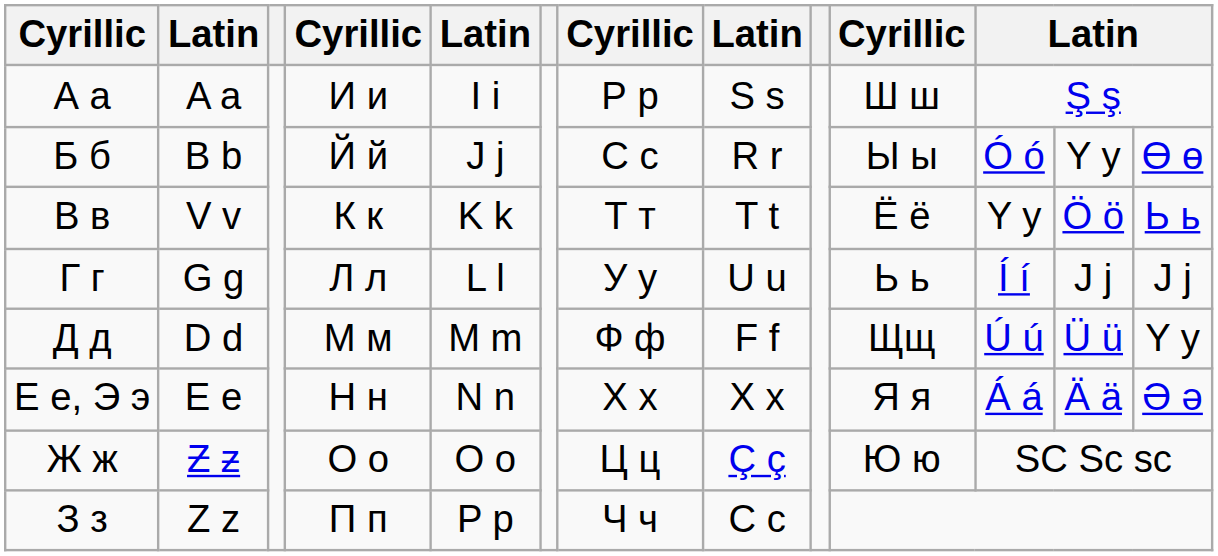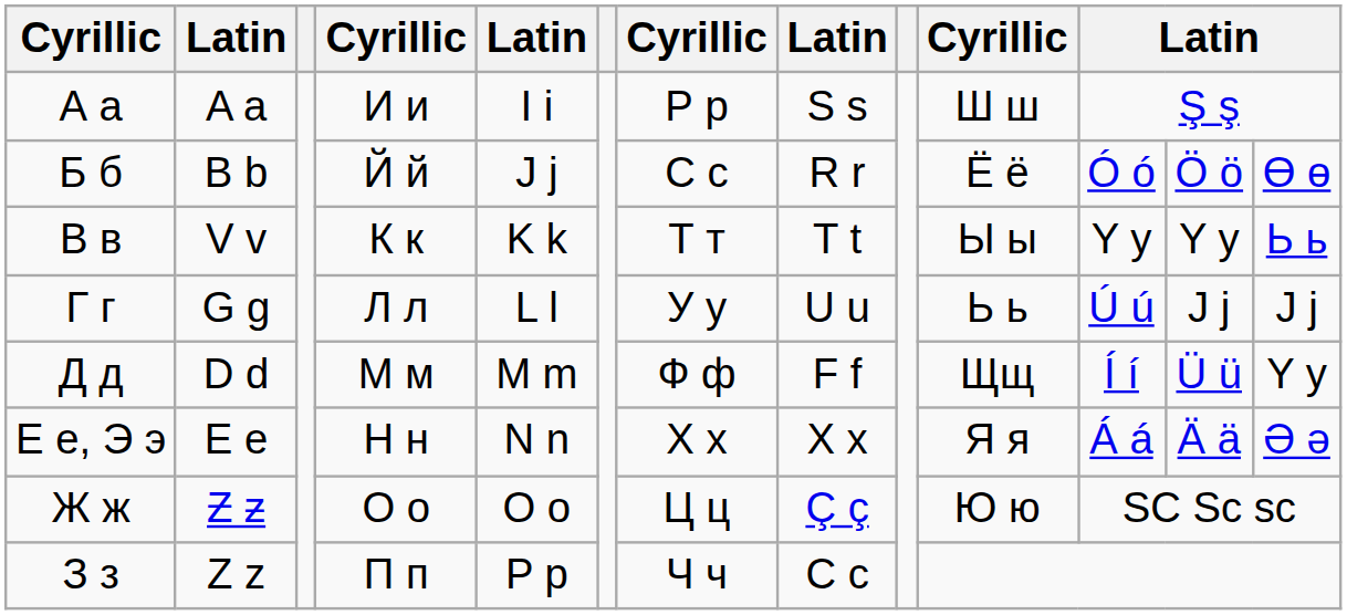 <table class="wikitable" style="text-align:center;">
 <tr>
 <th>Cyrillic</th>
 <th>Latin</th>
 <th></th>
 <th>Cyrillic</th>
 <th>Latin</th>
 <th></th>
 <th>Cyrillic</th>
 <th>Latin</th>
 <th></th>
 <th>Cyrillic</th>
 <th colspan="3">Latin</th>
 </tr>
 <tr>
 <td>А а</td>
 <td>A a</td>
 <td rowspan="9"></td>
 <td>И и</td>
 <td>I i</td>
 <td rowspan="9"></td>
 <td>Р р</td>
 <td>S s</td>
 <td rowspan="9"></td>
 <td>Ш ш</td>
 <td colspan="3"><a href='#'>Ş ş</a></td>
 </tr>
 <tr>
 <td>Б б</td>
 <td>B b </td>
 <td>Й й</td>
 <td>J j</td>
 <td>С с</td>
 <td>R r</td>
-<td>Ы ы</td>
+<td>Ё ё</td>
 <td><a href='#'>Ó ó</a></td>
-<td>Y y</td>
+<td><a href='#'>Ö ö</a></td>
 <td><a href='#'>Ɵ ɵ</a></td>
 </tr>
 <tr>
 <td>В в</td>
 <td>V v</td>
 <td>К к</td>
 <td>K k</td>
 <td>Т т</td>
 <td>T t</td>
-<td>Ё ё</td>
+<td>Ы ы</td>
 <td>Y y</td>
-<td><a href='#'>Ö ö</a></td>
+<td>Y y</td>
 <td><a href='#'>Ь ь</a></td>
 </tr>
 <tr>
 <td>Г г</td>
 <td>G g</td>
 <td>Л л</td>
 <td>L l</td>
 <td>У у</td>
 <td>U u</td>
 <td>Ь ь</td>
-<td><a href='#'>Í í</a></td>
+<td><a href='#'>Ú ú</a></td>
 <td>J j</td>
 <td>J j</td>
 </tr>
 <tr>
 <td>Д д</td>
 <td>D d</td>
 <td>М м</td>
 <td>M m</td>
 <td>Ф ф</td>
 <td>F f</td>
 <td>Щщ</td>
-<td><a href='#'>Ú ú</a></td>
+<td><a href='#'>Í í</a></td>
 <td><a href='#'>Ü ü</a></td>
 <td>Y y</td>
 </tr>
 <tr>
 <td>Е е, Э э</td>
 <td>E e</td>
 <td>Н н</td>
 <td>N n</td>
 <td>Х х</td>
 <td>X x</td>
 <td>Я я</td>
 <td><a href='#'>Á á</a></td>
 <td><a href='#'>Ä ä</a></td>
 <td><a href='#'>Ə ə</a></td>
 </tr>
 <tr>
 <td>Ж ж</td>
 <td><a href='#'>Ƶ ƶ</a></td>
 <td>О о</td>
 <td>O o</td>
 <td>Ц ц</td>
 <td><a href='#'>Ç ç</a></td>
 <td>Ю ю</td>
 <td colspan="3">SC Sc sc</td>
 </tr>
 <tr>
 <td>З з</td>
 <td>Z z</td>
 <td>П п</td>
 <td>P p</td>
 <td>Ч ч</td>
 <td>C c</td>
 <td colspan="4"></td>
 </tr>
 </table>
